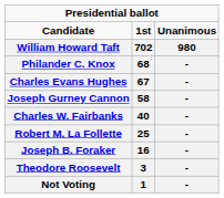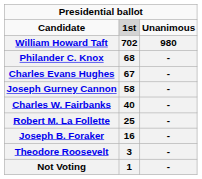 <table class="wikitable" style="text-align:center">
 <tr>
 <td colspan="3"><strong>Presidential ballot</strong></td>
 </tr>
 <tr>
 <td><strong>Candidate</strong></td>
-<td><strong>1st</strong></td>
+<td style="background: lightgrey;"><strong>1st</strong></td>
 <td><strong>Unanimous</strong></td>
 </tr>
 <tr>
 <th><a href='#'>William Howard Taft</a></th>
 <th>702</th>
 <th>980</th>
 </tr>
 <tr>
 <th><a href='#'>Philander C. Knox</a></th>
 <th>68</th>
 <th>-</th>
 </tr>
 <tr>
 <th><a href='#'>Charles Evans Hughes</a></th>
 <th>67</th>
 <th>-</th>
 </tr>
 <tr>
 <th><a href='#'>Joseph Gurney Cannon</a></th>
 <th>58</th>
 <th>-</th>
 </tr>
 <tr>
 <th><a href='#'>Charles W. Fairbanks</a></th>
 <th>40</th>
 <th>-</th>
 </tr>
 <tr>
 <th><a href='#'>Robert M. La Follette</a></th>
 <th>25</th>
 <th>-</th>
 </tr>
 <tr>
 <th><a href='#'>Joseph B. Foraker</a></th>
 <th>16</th>
 <th>-</th>
 </tr>
 <tr>
 <th><a href='#'>Theodore Roosevelt</a></th>
 <th>3</th>
 <th>-</th>
 </tr>
 <tr>
 <th>Not Voting</th>
 <th>1</th>
 <th>-</th>
 </tr>
 </table>
